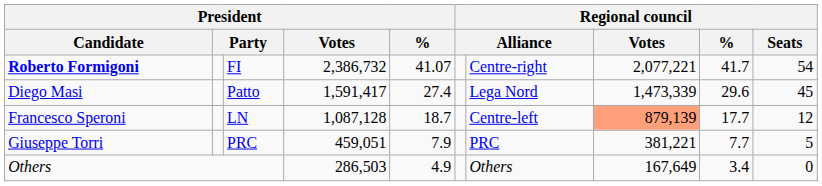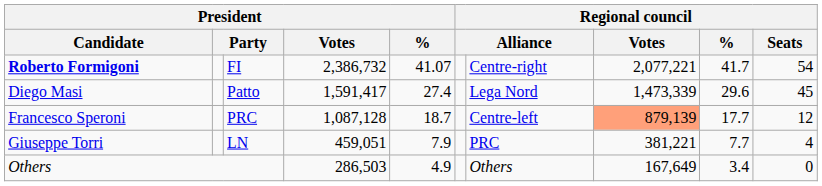 <table class="wikitable" style="text-align:right; style="width=65%">
 <tr>
 <th colspan="5">President</th>
 <th colspan="7">Regional council</th>
 </tr>
 <tr>
 <th>Candidate</th>
 <th colspan="2">Party</th>
 <th>Votes</th>
 <th>%</th>
 <th colspan="2">Alliance</th>
 <th>Votes</th>
 <th>%</th>
 <th>Seats</th>
 </tr>
 <tr>
 <td style="text-align:left"><strong><a href='#'>Roberto Formigoni</a></strong></td>
 <td></td>
 <td style="text-align:left"><a href='#'>FI</a></td>
 <td>2,386,732</td>
 <td>41.07</td>
 <td></td>
 <td style="text-align:left"><a href='#'>Centre-right</a></td>
 <td>2,077,221</td>
 <td>41.7</td>
 <td>54</td>
 </tr>
 <tr>
 <td style="text-align:left"><a href='#'>Diego Masi</a></td>
 <td></td>
 <td style="text-align:left"><a href='#'>Patto</a></td>
 <td>1,591,417</td>
 <td>27.4</td>
 <td></td>
 <td style="text-align:left"><a href='#'>Lega Nord</a></td>
 <td>1,473,339</td>
 <td>29.6</td>
 <td>45</td>
 </tr>
 <tr>
 <td style="text-align:left"><a href='#'>Francesco Speroni</a></td>
 <td></td>
-<td style="text-align:left"><a href='#'>LN</a></td>
+<td style="text-align:left"><a href='#'>PRC</a></td>
 <td>1,087,128</td>
 <td>18.7</td>
 <td></td>
 <td style="text-align:left"><a href='#'>Centre-left</a></td>
 <td style="background: lightsalmon;">879,139</td>
 <td>17.7</td>
 <td>12</td>
 </tr>
 <tr>
 <td style="text-align:left"><a href='#'>Giuseppe Torri</a></td>
 <td></td>
-<td style="text-align:left"><a href='#'>PRC</a></td>
+<td style="text-align:left"><a href='#'>LN</a></td>
 <td>459,051</td>
 <td>7.9</td>
 <td></td>
 <td style="text-align:left"><a href='#'>PRC</a></td>
 <td>381,221</td>
 <td>7.7</td>
-<td>5</td>
+<td>4</td>
 </tr>
 <tr>
 <td colspan="3" style="text-align:left"><em>Others</em></td>
 <td>286,503</td>
 <td>4.9</td>
 <td></td>
 <td style="text-align:left"><em>Others</em></td>
 <td>167,649</td>
 <td>3.4</td>
 <td>0</td>
 </tr>
 </table>
